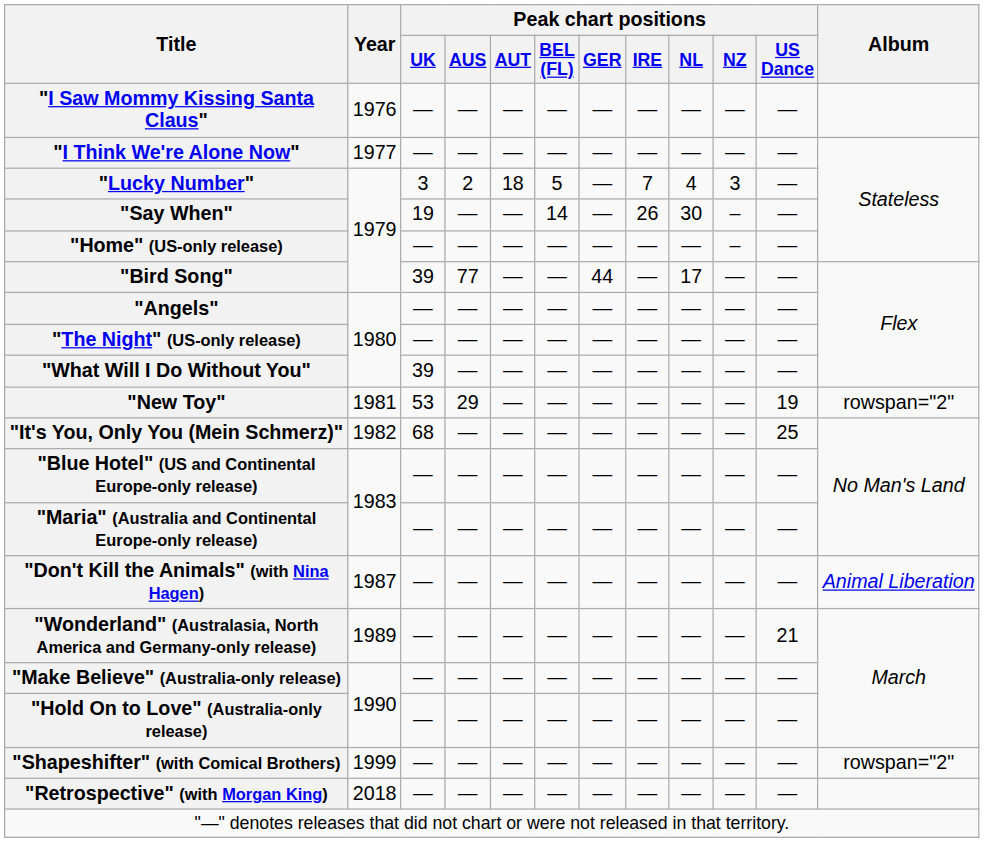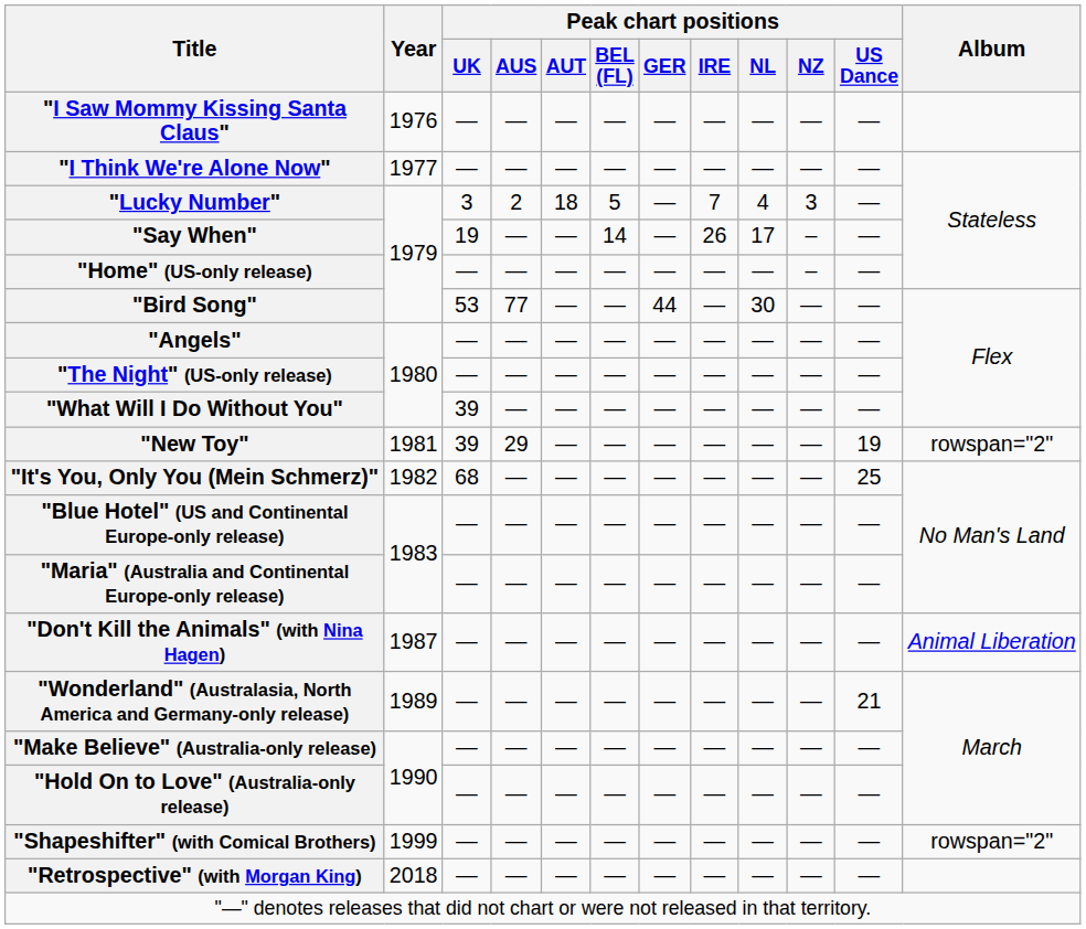 <table class="wikitable plainrowheaders" style="text-align:center;">
 <tr>
 <th rowspan="2" scope="col" style="width:17em;">Title</th>
 <th rowspan="2" scope="col" style="width:2em;">Year</th>
 <th colspan="9">Peak chart positions</th>
 <th rowspan="2">Album</th>
 </tr>
 <tr>
 <th scope="col" style="width:2em;font-size:90%;"><a href='#'>UK</a><br></th>
 <th scope="col" style="width:2em;font-size:90%;"><a href='#'>AUS</a><br></th>
 <th scope="col" style="width:2em;font-size:90%;"><a href='#'>AUT</a><br></th>
 <th scope="col" style="width:2em;font-size:90%;"><a href='#'>BEL (FL)</a><br></th>
 <th scope="col" style="width:2em;font-size:90%;"><a href='#'>GER</a><br></th>
 <th scope="col" style="width:2em;font-size:90%;"><a href='#'>IRE</a><br></th>
 <th scope="col" style="width:2em;font-size:90%;"><a href='#'>NL</a><br></th>
 <th scope="col" style="width:2em;font-size:90%;"><a href='#'>NZ</a><br></th>
 <th scope="col" style="width:2em;font-size:90%;"><a href='#'>US Dance</a><br></th>
 </tr>
 <tr>
 <th scope="row">"<a href='#'>I Saw Mommy Kissing Santa Claus</a>"</th>
 <td>1976</td>
 <td>—</td>
 <td>—</td>
 <td>—</td>
 <td>—</td>
 <td>—</td>
 <td>—</td>
 <td>—</td>
 <td>—</td>
 <td>—</td>
 <td></td>
 </tr>
 <tr>
 <th scope="row">"<a href='#'>I Think We're Alone Now</a>"</th>
 <td>1977</td>
 <td>—</td>
 <td>—</td>
 <td>—</td>
 <td>—</td>
 <td>—</td>
 <td>—</td>
 <td>—</td>
 <td>—</td>
 <td>—</td>
 <td rowspan="4"><em>Stateless</em></td>
 </tr>
 <tr>
 <th scope="row">"<a href='#'>Lucky Number</a>"</th>
 <td rowspan="4">1979</td>
 <td>3</td>
 <td>2</td>
 <td>18</td>
 <td>5</td>
 <td>—</td>
 <td>7</td>
 <td>4</td>
 <td>3</td>
 <td>—</td>
 </tr>
 <tr>
 <th scope="row">"Say When"</th>
 <td>19</td>
 <td>—</td>
 <td>—</td>
 <td>14</td>
 <td>—</td>
 <td>26</td>
-<td>30</td>
+<td>17</td>
 <td>–</td>
 <td>—</td>
 </tr>
 <tr>
 <th scope="row">"Home" <small>(US-only release)</small></th>
 <td>—</td>
 <td>—</td>
 <td>—</td>
 <td>—</td>
 <td>—</td>
 <td>—</td>
 <td>—</td>
 <td>–</td>
 <td>—</td>
 </tr>
 <tr>
 <th scope="row">"Bird Song"</th>
-<td>39</td>
+<td>53</td>
 <td>77</td>
 <td>—</td>
 <td>—</td>
 <td>44</td>
 <td>—</td>
-<td>17</td>
+<td>30</td>
 <td>—</td>
 <td>—</td>
 <td rowspan="4"><em>Flex</em></td>
 </tr>
 <tr>
 <th scope="row">"Angels"</th>
 <td rowspan="3">1980</td>
 <td>—</td>
 <td>—</td>
 <td>—</td>
 <td>—</td>
 <td>—</td>
 <td>—</td>
 <td>—</td>
 <td>—</td>
 <td>—</td>
 </tr>
 <tr>
 <th scope="row">"<a href='#'>The Night</a>" <small>(US-only release)</small></th>
 <td>—</td>
 <td>—</td>
 <td>—</td>
 <td>—</td>
 <td>—</td>
 <td>—</td>
 <td>—</td>
 <td>—</td>
 <td>—</td>
 </tr>
 <tr>
 <th scope="row">"What Will I Do Without You"</th>
 <td>39</td>
 <td>—</td>
 <td>—</td>
 <td>—</td>
 <td>—</td>
 <td>—</td>
 <td>—</td>
 <td>—</td>
 <td>—</td>
 </tr>
 <tr>
 <th scope="row">"New Toy"</th>
 <td>1981</td>
-<td>53</td>
+<td>39</td>
 <td>29</td>
 <td>—</td>
 <td>—</td>
 <td>—</td>
 <td>—</td>
 <td>—</td>
 <td>—</td>
 <td>19</td>
 <td>rowspan="2" </td>
 </tr>
 <tr>
 <th scope="row">"It's You, Only You (Mein Schmerz)"</th>
 <td>1982</td>
 <td>68</td>
 <td>—</td>
 <td>—</td>
 <td>—</td>
 <td>—</td>
 <td>—</td>
 <td>—</td>
 <td>—</td>
 <td>25</td>
 <td rowspan="3"><em>No Man's Land</em></td>
 </tr>
 <tr>
 <th scope="row">"Blue Hotel" <small>(US and Continental Europe-only release)</small></th>
 <td rowspan="2">1983</td>
 <td>—</td>
 <td>—</td>
 <td>—</td>
 <td>—</td>
 <td>—</td>
 <td>—</td>
 <td>—</td>
 <td>—</td>
 <td>—</td>
 </tr>
 <tr>
 <th scope="row">"Maria" <small>(Australia and Continental Europe-only release)</small></th>
 <td>—</td>
 <td>—</td>
 <td>—</td>
 <td>—</td>
 <td>—</td>
 <td>—</td>
 <td>—</td>
 <td>—</td>
 <td>—</td>
 </tr>
 <tr>
 <th scope="row">"Don't Kill the Animals" <small>(with <a href='#'>Nina Hagen</a>)</small></th>
 <td>1987</td>
 <td>—</td>
 <td>—</td>
 <td>—</td>
 <td>—</td>
 <td>—</td>
 <td>—</td>
 <td>—</td>
 <td>—</td>
 <td>—</td>
 <td><em><a href='#'>Animal Liberation</a></em></td>
 </tr>
 <tr>
 <th scope="row">"Wonderland" <small>(Australasia, North America and Germany-only release)</small></th>
 <td>1989</td>
 <td>—</td>
 <td>—</td>
 <td>—</td>
 <td>—</td>
 <td>—</td>
 <td>—</td>
 <td>—</td>
 <td>—</td>
 <td>21</td>
 <td rowspan="3"><em>March</em></td>
 </tr>
 <tr>
 <th scope="row">"Make Believe" <small>(Australia-only release)</small></th>
 <td rowspan="2">1990</td>
 <td>—</td>
 <td>—</td>
 <td>—</td>
 <td>—</td>
 <td>—</td>
 <td>—</td>
 <td>—</td>
 <td>—</td>
 <td>—</td>
 </tr>
 <tr>
 <th scope="row">"Hold On to Love" <small>(Australia-only release)</small></th>
 <td>—</td>
 <td>—</td>
 <td>—</td>
 <td>—</td>
 <td>—</td>
 <td>—</td>
 <td>—</td>
 <td>—</td>
 <td>—</td>
 </tr>
 <tr>
 <th scope="row">"Shapeshifter" <small>(with Comical Brothers)</small></th>
 <td>1999</td>
 <td>—</td>
 <td>—</td>
 <td>—</td>
 <td>—</td>
 <td>—</td>
 <td>—</td>
 <td>—</td>
 <td>—</td>
 <td>—</td>
 <td>rowspan="2" </td>
 </tr>
 <tr>
 <th scope="row">"Retrospective" <small>(with <a href='#'>Morgan King</a>)</small></th>
 <td>2018</td>
 <td>—</td>
 <td>—</td>
 <td>—</td>
 <td>—</td>
 <td>—</td>
 <td>—</td>
 <td>—</td>
 <td>—</td>
 <td>—</td>
 </tr>
 <tr>
 <td colspan="12" style="font-size:90%">"—" denotes releases that did not chart or were not released in that territory.</td>
 </tr>
 </table>
